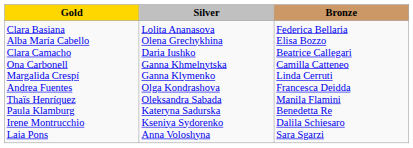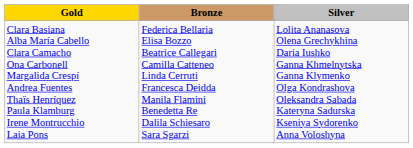 <table class="wikitable" style="text-align:left">
 <tr align="center">
 <td width=200 bgcolor=gold><strong>Gold</strong></td>
+<td width=200 bgcolor=CC9966><strong>Bronze</strong></td>
 <td width=200 bgcolor=silver><strong>Silver</strong></td>
-<td width=200 bgcolor=CC9966><strong>Bronze</strong></td>
 </tr>
 <tr>
 <td><a href='#'>Clara Basiana</a><br><a href='#'>Alba María Cabello</a><br><a href='#'>Clara Camacho</a><br><a href='#'>Ona Carbonell</a><br><a href='#'>Margalida Crespí</a><br><a href='#'>Andrea Fuentes</a><br><a href='#'>Thaïs Henríquez</a><br><a href='#'>Paula Klamburg</a><br><a href='#'>Irene Montrucchio</a><br><a href='#'>Laia Pons</a> <br> </td>
+<td><a href='#'>Federica Bellaria</a><br><a href='#'>Elisa Bozzo</a><br><a href='#'>Beatrice Callegari</a><br><a href='#'>Camilla Catteneo</a><br><a href='#'>Linda Cerruti</a><br><a href='#'>Francesca Deidda</a><br><a href='#'>Manila Flamini</a><br><a href='#'>Benedetta Re</a><br><a href='#'>Dalila Schiesaro</a><br><a href='#'>Sara Sgarzi</a> <br> </td>
 <td><a href='#'>Lolita Ananasova</a><br><a href='#'>Olena Grechykhina</a><br><a href='#'>Daria Iushko</a><br><a href='#'>Ganna Khmelnytska</a><br><a href='#'>Ganna Klymenko</a><br><a href='#'>Olga Kondrashova</a><br><a href='#'>Oleksandra Sabada</a><br><a href='#'>Kateryna Sadurska</a><br><a href='#'>Kseniya Sydorenko</a><br><a href='#'>Anna Voloshyna</a> <br> </td>
-<td><a href='#'>Federica Bellaria</a><br><a href='#'>Elisa Bozzo</a><br><a href='#'>Beatrice Callegari</a><br><a href='#'>Camilla Catteneo</a><br><a href='#'>Linda Cerruti</a><br><a href='#'>Francesca Deidda</a><br><a href='#'>Manila Flamini</a><br><a href='#'>Benedetta Re</a><br><a href='#'>Dalila Schiesaro</a><br><a href='#'>Sara Sgarzi</a> <br> </td>
 </tr>
 </table>
